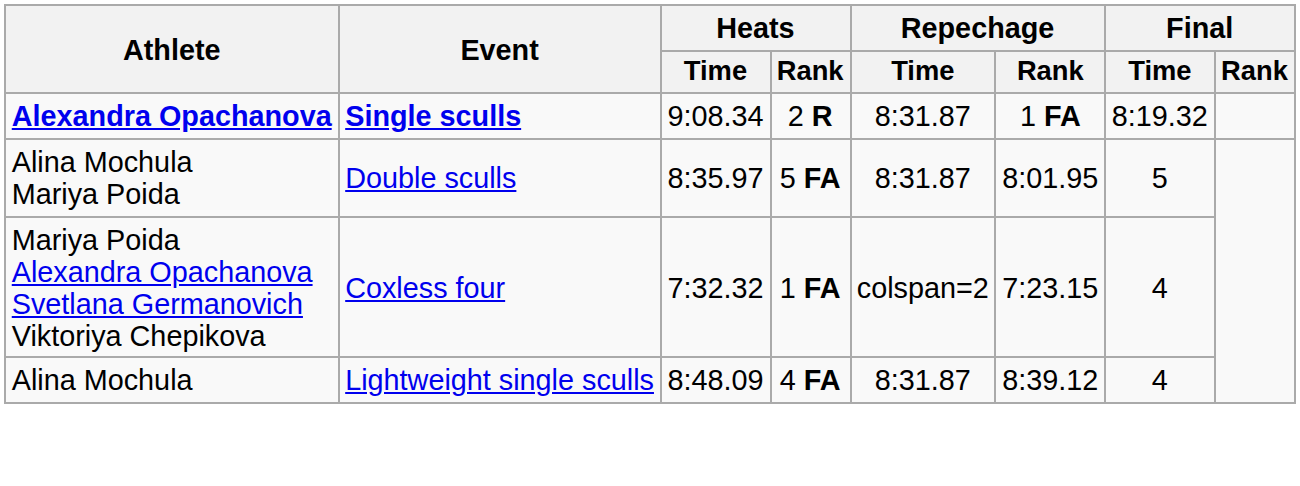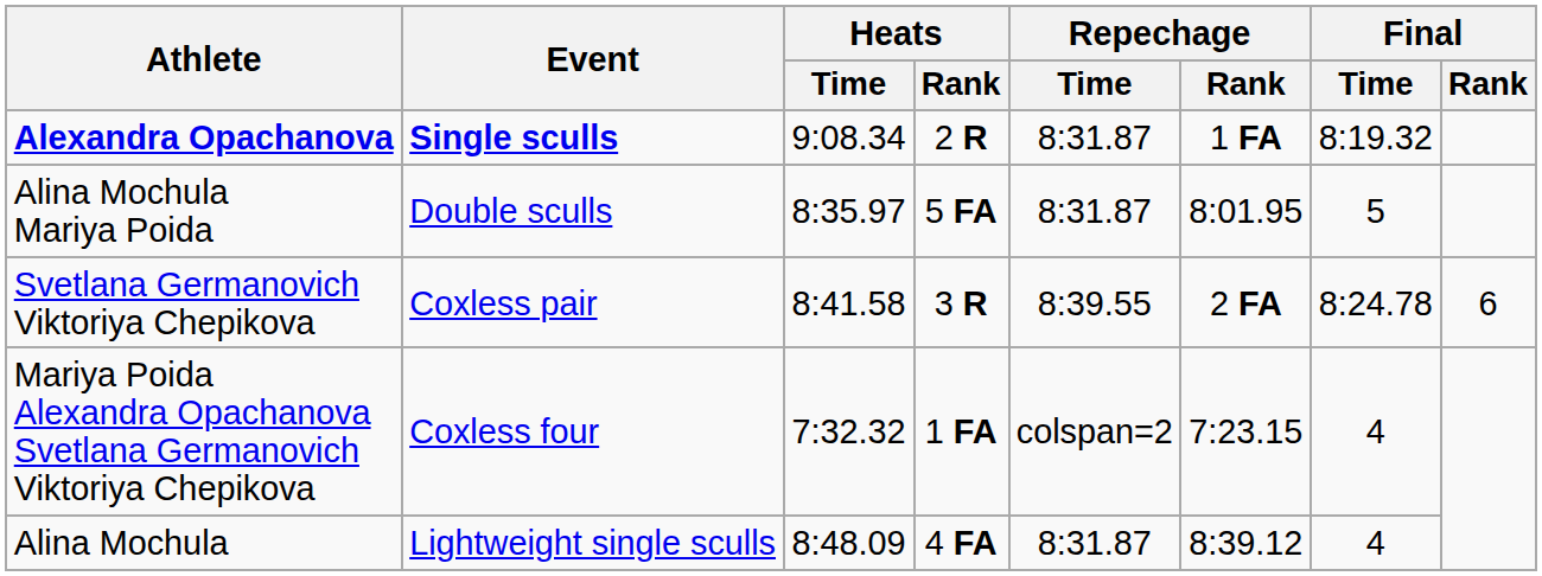 <table class=wikitable style=font-size:90%;text-align:center>
 <tr>
 <th rowspan=2>Athlete</th>
 <th rowspan=2>Event</th>
 <th colspan=2>Heats</th>
 <th colspan=2>Repechage</th>
 <th colspan=2>Final</th>
 </tr>
 <tr style="font-size:95%">
 <th>Time</th>
 <th>Rank</th>
 <th>Time</th>
 <th>Rank</th>
 <th>Time</th>
 <th>Rank</th>
 </tr>
 <tr>
 <td align=left><strong><a href='#'>Alexandra Opachanova</a></strong></td>
 <td align=left><strong><a href='#'>Single sculls</a></strong></td>
 <td>9:08.34</td>
 <td>2 <strong>R</strong></td>
 <td>8:31.87</td>
 <td>1 <strong>FA</strong></td>
 <td>8:19.32</td>
 <td></td>
 </tr>
 <tr>
 <td align=left>Alina Mochula<br>Mariya Poida</td>
 <td align=left><a href='#'>Double sculls</a></td>
 <td>8:35.97</td>
 <td>5 <strong>FA</strong></td>
 <td>8:31.87</td>
 <td>8:01.95</td>
 <td>5</td>
 </tr>
 <tr>
+<td align=left><a href='#'>Svetlana Germanovich</a><br>Viktoriya Chepikova</td>
+<td align=left><a href='#'>Coxless pair</a></td>
+<td>8:41.58</td>
+<td>3 <strong>R</strong></td>
+<td>8:39.55</td>
+<td>2 <strong>FA</strong></td>
+<td>8:24.78</td>
+<td>6</td>
+</tr>
+<tr>
 <td align=left>Mariya Poida<br><a href='#'>Alexandra Opachanova</a><br><a href='#'>Svetlana Germanovich</a><br>Viktoriya Chepikova</td>
 <td align=left><a href='#'>Coxless four</a></td>
 <td>7:32.32</td>
 <td>1 <strong>FA</strong></td>
 <td>colspan=2 </td>
 <td>7:23.15</td>
 <td>4</td>
 </tr>
 <tr>
 <td align=left>Alina Mochula</td>
 <td align=left><a href='#'>Lightweight single sculls</a></td>
 <td>8:48.09</td>
 <td>4 <strong>FA</strong></td>
 <td>8:31.87</td>
 <td>8:39.12</td>
 <td>4</td>
 </tr>
 </table>
